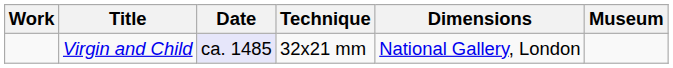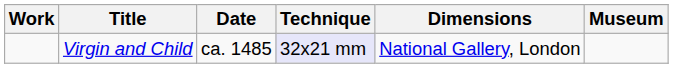 <table class="wikitable">
 <tr>
 <th><strong>Work</strong></th>
 <th><strong>Title</strong></th>
 <th><strong>Date</strong></th>
 <th><strong>Technique</strong></th>
 <th><strong>Dimensions</strong></th>
 <th><strong>Museum</strong></th>
 </tr>
 <tr>
 <td></td>
 <td><em><a href='#'>Virgin and Child</a></em></td>
-<td style="background: lavender;">ca. 1485</td>
-<td>32x21 mm</td>
+<td>ca. 1485</td>
+<td style="background: lavender;">32x21 mm</td>
 <td><a href='#'>National Gallery</a>, London</td>
 </tr>
 </table>
